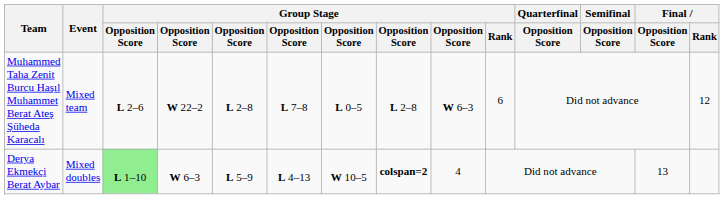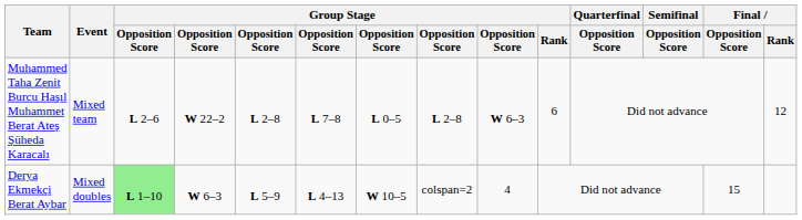 <table class="wikitable" style="font-size:90%">
 <tr>
 <th rowspan=2>Team</th>
 <th rowspan=2>Event</th>
 <th colspan=8>Group Stage</th>
 <th>Quarterfinal</th>
 <th>Semifinal</th>
 <th colspan=2>Final / </th>
 </tr>
 <tr style="font-size:95%">
 <th>Opposition <br> Score</th>
 <th>Opposition <br> Score</th>
 <th>Opposition <br> Score</th>
 <th>Opposition <br> Score</th>
 <th>Opposition <br> Score</th>
 <th>Opposition <br> Score</th>
 <th>Opposition <br> Score</th>
 <th>Rank</th>
 <th>Opposition <br> Score</th>
 <th>Opposition <br> Score</th>
 <th>Opposition <br> Score</th>
 <th>Rank</th>
 </tr>
 <tr align=center>
 <td align=left><a href='#'>Muhammed Taha Zenit</a><br><a href='#'>Burcu Haşıl</a><br><a href='#'>Muhammet Berat Ateş</a><br><a href='#'>Şüheda Karacalı</a></td>
 <td align=left><a href='#'>Mixed team</a></td>
 <td><br><strong>L</strong> 2–6</td>
 <td><br><strong>W</strong> 22–2</td>
 <td><br><strong>L</strong> 2–8</td>
 <td><br><strong>L</strong> 7–8</td>
 <td><br><strong>L</strong> 0–5</td>
 <td><br><strong>L</strong> 2–8</td>
 <td><br><strong>W</strong> 6–3</td>
 <td>6</td>
 <td colspan=3>Did not advance</td>
 <td>12</td>
 </tr>
 <tr align=center>
 <td align=left><a href='#'>Derya Ekmekçi</a><br><a href='#'>Berat Aybar</a></td>
 <td align=left><a href='#'>Mixed doubles</a></td>
 <td style="background: lightgreen;"><br><strong>L</strong> 1–10</td>
 <td><br><strong>W</strong> 6–3</td>
 <td><br><strong>L</strong> 5–9</td>
 <td><br><strong>L</strong> 4–13</td>
 <td><br><strong>W</strong> 10–5</td>
-<td><strong>colspan=2</strong></td>
+<td>colspan=2</td>
 <td>4</td>
 <td colspan=3>Did not advance</td>
-<td>13</td>
+<td>15</td>
 </tr>
 </table>
